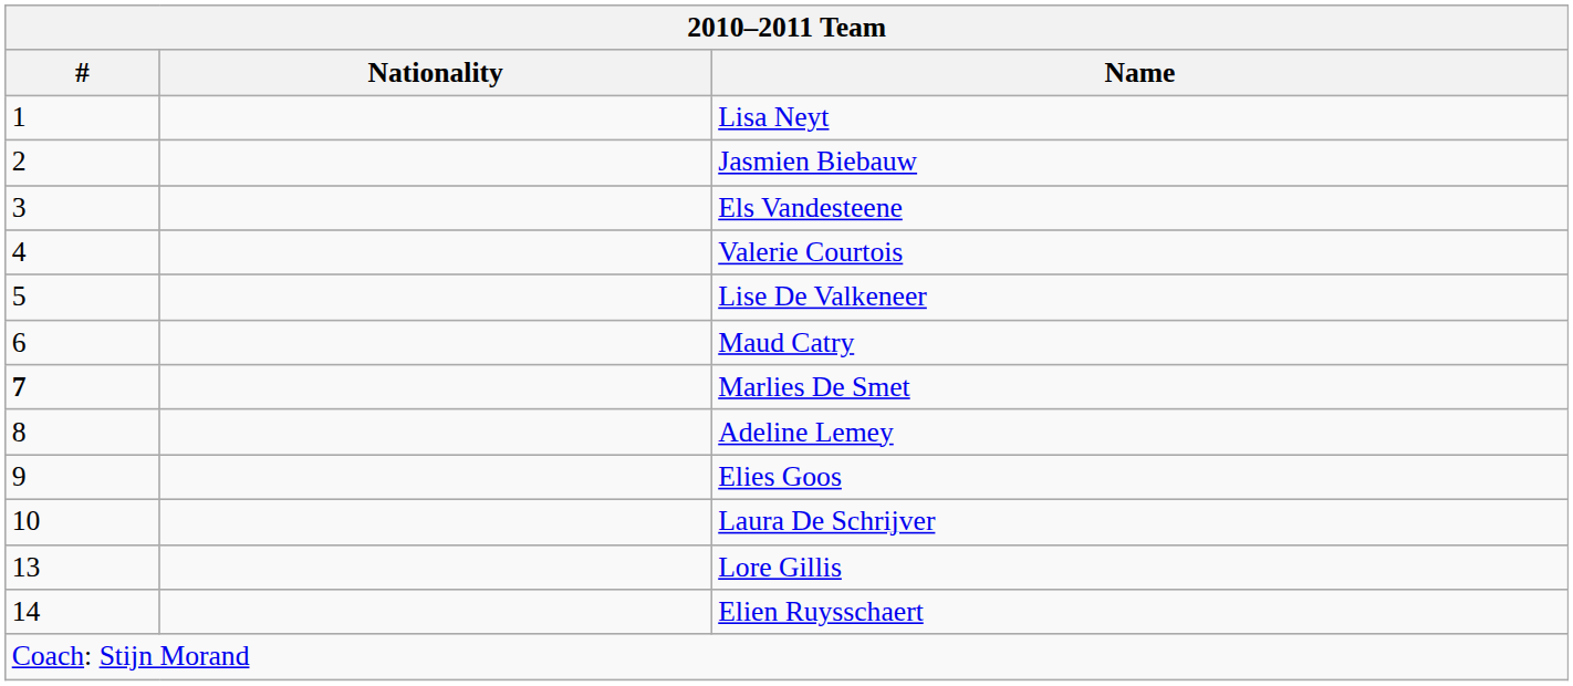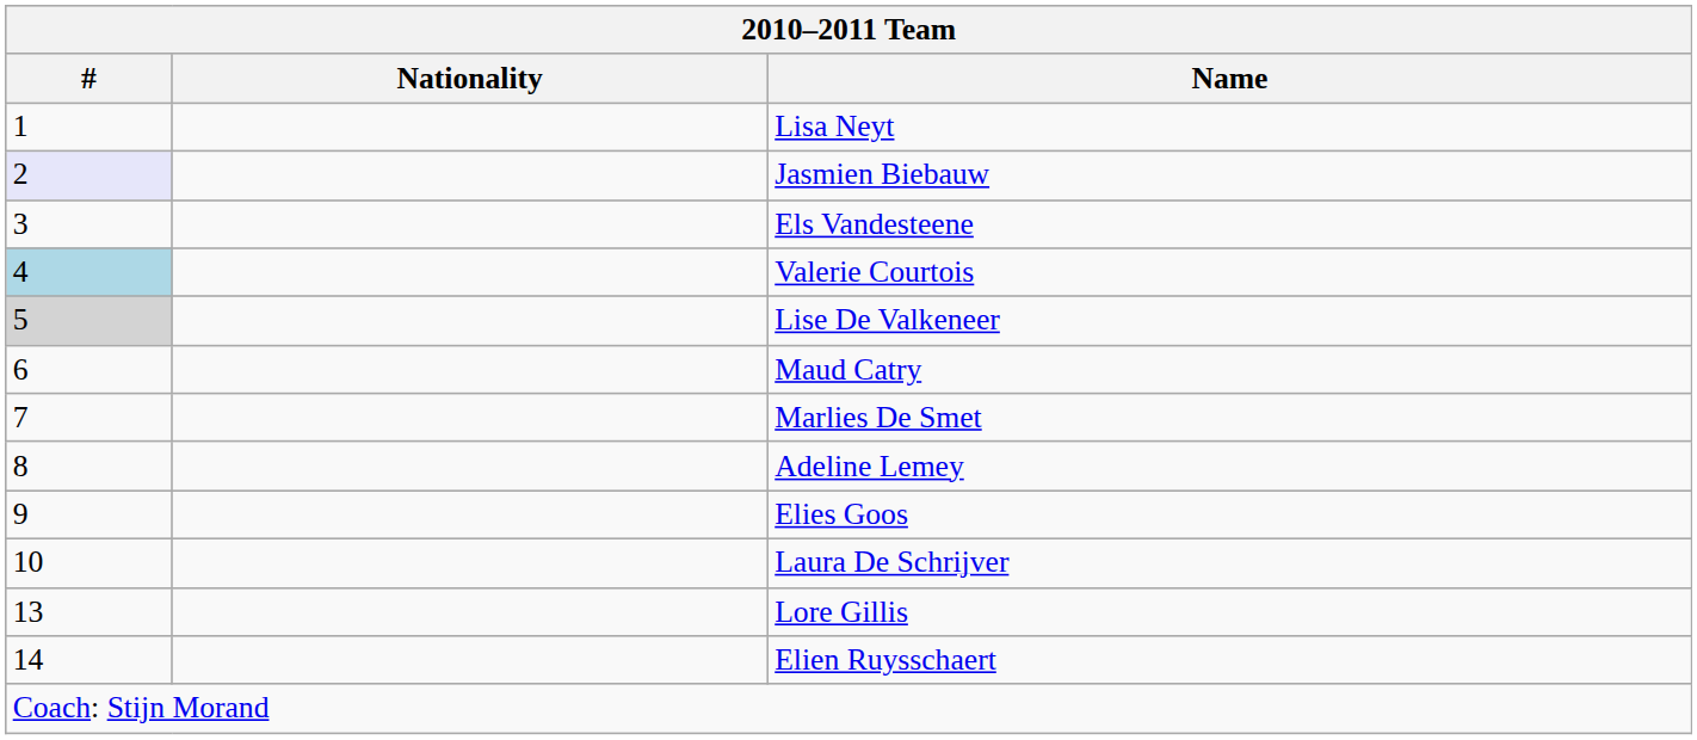 <table class="wikitable collapsible collapsed" style="width:100%;">
 <tr>
 <th colspan=3><strong>2010–2011 Team</strong></th>
 </tr>
 <tr>
 <th>#</th>
 <th>Nationality</th>
 <th>Name</th>
 </tr>
 <tr>
 <td>1</td>
 <td></td>
 <td><a href='#'>Lisa Neyt</a></td>
 </tr>
 <tr>
-<td>2</td>
+<td style="background: lavender;">2</td>
 <td></td>
 <td><a href='#'>Jasmien Biebauw</a></td>
 </tr>
 <tr>
 <td>3</td>
 <td></td>
 <td><a href='#'>Els Vandesteene</a></td>
 </tr>
 <tr>
-<td>4</td>
+<td style="background: lightblue;">4</td>
 <td></td>
 <td><a href='#'>Valerie Courtois</a></td>
 </tr>
 <tr>
-<td>5</td>
+<td style="background: lightgrey;">5</td>
 <td></td>
 <td><a href='#'>Lise De Valkeneer</a></td>
 </tr>
 <tr>
 <td>6</td>
 <td></td>
 <td><a href='#'>Maud Catry</a></td>
 </tr>
 <tr>
-<td><strong>7</strong></td>
+<td>7</td>
 <td></td>
 <td><a href='#'>Marlies De Smet</a></td>
 </tr>
 <tr>
 <td>8</td>
 <td></td>
 <td><a href='#'>Adeline Lemey</a></td>
 </tr>
 <tr>
 <td>9</td>
 <td></td>
 <td><a href='#'>Elies Goos</a></td>
 </tr>
 <tr>
 <td>10</td>
 <td></td>
 <td><a href='#'>Laura De Schrijver</a></td>
 </tr>
 <tr>
 <td>13</td>
 <td></td>
 <td><a href='#'>Lore Gillis</a></td>
 </tr>
 <tr>
 <td>14</td>
 <td></td>
 <td><a href='#'>Elien Ruysschaert</a></td>
 </tr>
 <tr>
 <td colspan=3><a href='#'>Coach</a>:  <a href='#'>Stijn Morand</a></td>
 </tr>
 </table>
